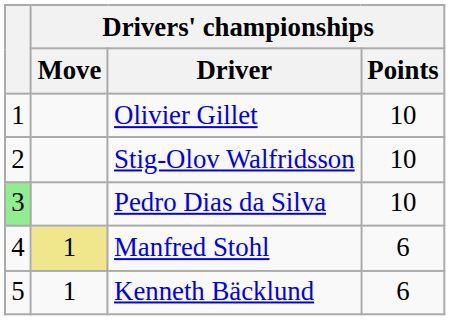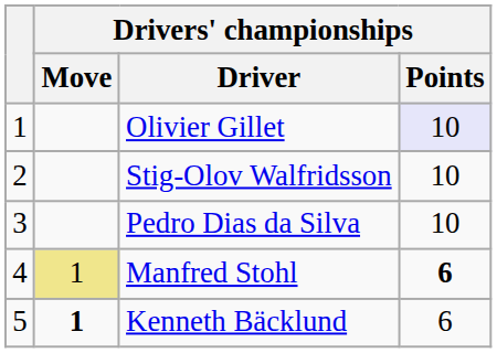 <table class="wikitable" style="font-size:85%;">
 <tr>
 <th rowspan="2"></th>
 <th colspan="3">Drivers' championships</th>
 </tr>
 <tr>
 <th>Move</th>
 <th>Driver</th>
 <th>Points</th>
 </tr>
 <tr>
 <td align="center">1</td>
 <td align="center"></td>
 <td> <a href='#'>Olivier Gillet</a></td>
-<td align="center">10</td>
+<td align="center" style="background: lavender;">10</td>
 </tr>
 <tr>
 <td align="center">2</td>
 <td align="center"></td>
 <td> <a href='#'>Stig-Olov Walfridsson</a></td>
 <td align="center">10</td>
 </tr>
 <tr>
-<td align="center" style="background: lightgreen;">3</td>
+<td align="center">3</td>
 <td align="center"></td>
 <td> <a href='#'>Pedro Dias da Silva</a></td>
 <td align="center">10</td>
 </tr>
 <tr>
 <td align="center">4</td>
 <td align="center" style="background: khaki;"> 1</td>
 <td> <a href='#'>Manfred Stohl</a></td>
-<td align="center">6</td>
+<td align="center"><strong>6</strong></td>
 </tr>
 <tr>
 <td align="center">5</td>
-<td align="center"> 1</td>
+<td align="center"><strong> 1</strong></td>
 <td> <a href='#'>Kenneth Bäcklund</a></td>
 <td align="center">6</td>
 </tr>
 </table>
